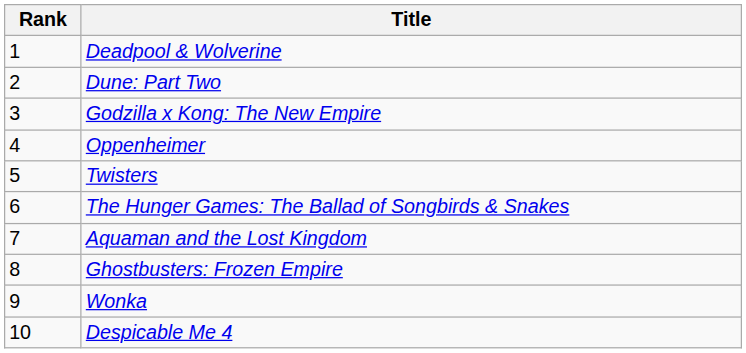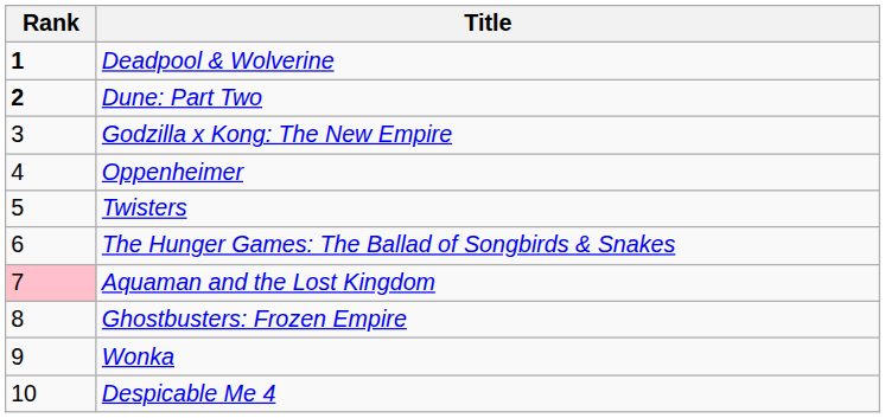 <table class="wikitable sortable" width="600">
 <tr>
 <th>Rank</th>
 <th>Title</th>
 </tr>
 <tr>
-<td>1</td>
+<td><strong>1</strong></td>
 <td><em><a href='#'>Deadpool & Wolverine</a></em></td>
 </tr>
 <tr>
-<td>2</td>
+<td><strong>2</strong></td>
 <td><em><a href='#'>Dune: Part Two</a></em></td>
 </tr>
 <tr>
 <td>3</td>
 <td><em><a href='#'>Godzilla x Kong: The New Empire</a></em></td>
 </tr>
 <tr>
 <td>4</td>
 <td><em><a href='#'>Oppenheimer</a></em></td>
 </tr>
 <tr>
 <td>5</td>
 <td><em><a href='#'>Twisters</a></em></td>
 </tr>
 <tr>
 <td>6</td>
 <td><em><a href='#'>The Hunger Games: The Ballad of Songbirds & Snakes</a></em></td>
 </tr>
 <tr>
-<td>7</td>
+<td style="background: pink;">7</td>
 <td><em><a href='#'>Aquaman and the Lost Kingdom</a></em></td>
 </tr>
 <tr>
 <td>8</td>
 <td><em><a href='#'>Ghostbusters: Frozen Empire</a></em></td>
 </tr>
 <tr>
 <td>9</td>
 <td><em><a href='#'>Wonka</a></em></td>
 </tr>
 <tr>
 <td>10</td>
 <td><em><a href='#'>Despicable Me 4</a></em></td>
 </tr>
 </table>
